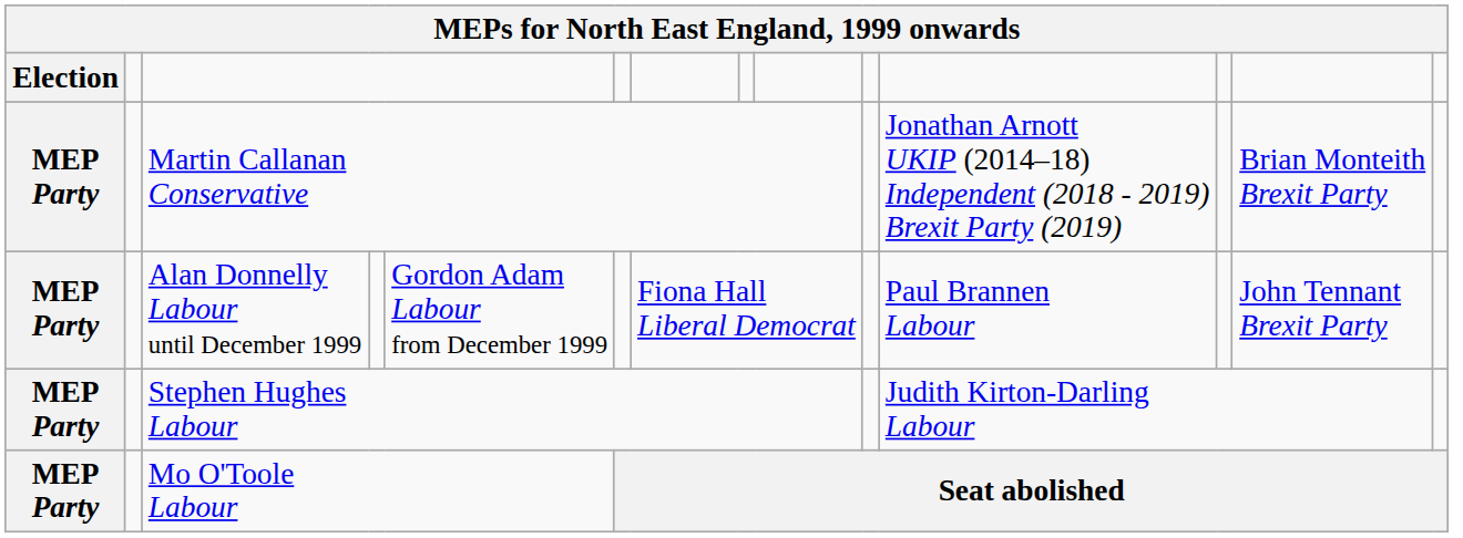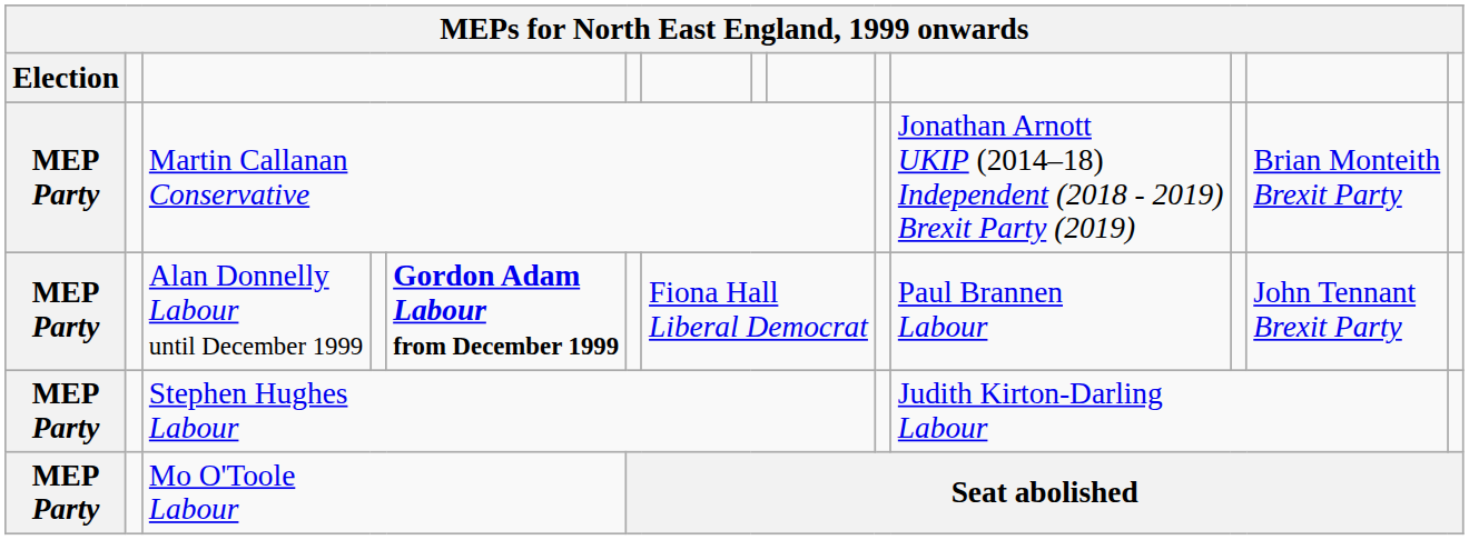 <table class="wikitable">
 <tr>
 <th colspan = 15>MEPs for North East England, 1999 onwards</th>
 </tr>
 <tr>
 <th>Election</th>
 <td style="width:1px;"></td>
 <td colspan = 3></td>
 <td style="width:1px;"></td>
 <td></td>
 <td style="width:1px;"></td>
 <td></td>
 <td style="width:1px;"></td>
 <td></td>
 <td style="width:1px;"></td>
 <td></td>
 <td style="width:1px;"></td>
 </tr>
 <tr>
 <th>MEP<br><em>Party</em></th>
 <td width=1px style="background-color: "></td>
 <td colspan = 7><a href='#'>Martin Callanan</a><br><em><a href='#'>Conservative</a></em></td>
 <td width=1px style="background-color: "></td>
 <td><a href='#'>Jonathan Arnott</a><br><em><a href='#'>UKIP</a></em> (2014–18) <br><em><a href='#'>Independent</a> (2018 - 2019)<br><a href='#'>Brexit Party</a> (2019)</em></td>
 <td width=1px style="background-color: "></td>
 <td><a href='#'>Brian Monteith</a><br><em><a href='#'>Brexit Party</a></em></td>
 <td width=1px style="background-color: "></td>
 </tr>
 <tr>
 <th>MEP<br><em>Party</em></th>
 <td width=1px style="background-color: "></td>
 <td><a href='#'>Alan Donnelly</a><br><em><a href='#'>Labour</a></em><br><small>until December 1999</small></td>
 <td width=1px style="background-color: "></td>
-<td><a href='#'>Gordon Adam</a><br><em><a href='#'>Labour</a></em><br><small>from December 1999</small></td>
+<td><strong><a href='#'>Gordon Adam</a><br><em><a href='#'>Labour</a></em><br><small>from December 1999</small></strong></td>
 <td width=1px style="background-color: "></td>
 <td colspan = 3><a href='#'>Fiona Hall</a><br><em><a href='#'>Liberal Democrat</a></em></td>
 <td width=1px style="background-color: "></td>
 <td><a href='#'>Paul Brannen</a><br><em><a href='#'>Labour</a></em></td>
 <td width=1px style="background-color: "></td>
 <td><a href='#'>John Tennant</a><br><em><a href='#'>Brexit Party</a></em></td>
 <td width=1px style="background-color: "></td>
 </tr>
 <tr>
 <th>MEP<br><em>Party</em></th>
 <td width=1px style="background-color: "></td>
 <td colspan = 7><a href='#'>Stephen Hughes</a><br><em><a href='#'>Labour</a></em></td>
 <td width=1px style="background-color: "></td>
 <td colspan = 3><a href='#'>Judith Kirton-Darling</a><br><em><a href='#'>Labour</a></em></td>
 <td width=1px style="background-color: "></td>
 </tr>
 <tr>
 <th>MEP<br><em>Party</em></th>
 <td width=1px style="background-color: "></td>
 <td colspan = 3><a href='#'>Mo O'Toole</a><br><em><a href='#'>Labour</a></em></td>
 <th colspan = 9>Seat abolished</th>
 </tr>
 </table>
